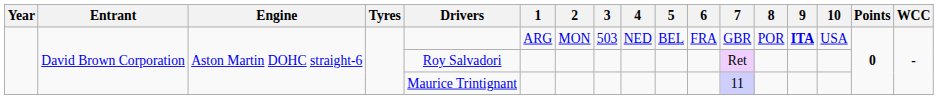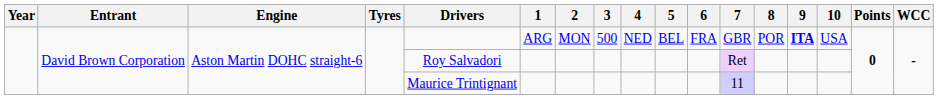 <table class="wikitable" style="text-align:center; font-size:95%">
 <tr>
 <th>Year</th>
 <th>Entrant</th>
 <th>Engine</th>
 <th>Tyres</th>
 <th>Drivers</th>
 <th>1</th>
 <th>2</th>
 <th>3</th>
 <th>4</th>
 <th>5</th>
 <th>6</th>
 <th>7</th>
 <th>8</th>
 <th>9</th>
 <th>10</th>
 <th>Points</th>
 <th>WCC</th>
 </tr>
 <tr>
 <td rowspan="3"></td>
 <td rowspan="3"><a href='#'>David Brown Corporation</a></td>
 <td rowspan="3"><a href='#'>Aston Martin</a> <a href='#'>DOHC</a> <a href='#'>straight-6</a></td>
 <td rowspan="3"></td>
 <td></td>
 <td><a href='#'>ARG</a></td>
 <td><a href='#'>MON</a></td>
-<td><a href='#'>503</a></td>
+<td><a href='#'>500</a></td>
 <td><a href='#'>NED</a></td>
 <td><a href='#'>BEL</a></td>
 <td><a href='#'>FRA</a></td>
 <td><a href='#'>GBR</a></td>
 <td><a href='#'>POR</a></td>
 <td><strong><a href='#'>ITA</a></strong></td>
 <td><a href='#'>USA</a></td>
 <td rowspan="3"><strong>0</strong></td>
 <td rowspan="3"><strong>-</strong></td>
 </tr>
 <tr>
 <td><a href='#'>Roy Salvadori</a></td>
 <td></td>
 <td></td>
 <td></td>
 <td></td>
 <td></td>
 <td></td>
 <td style="background:#efcfff;">Ret</td>
 <td></td>
 <td></td>
 <td></td>
 </tr>
 <tr>
 <td><a href='#'>Maurice Trintignant</a></td>
 <td></td>
 <td></td>
 <td></td>
 <td></td>
 <td></td>
 <td></td>
 <td style="background:#cfcfff;">11</td>
 <td></td>
 <td></td>
 <td></td>
 </tr>
 </table>
